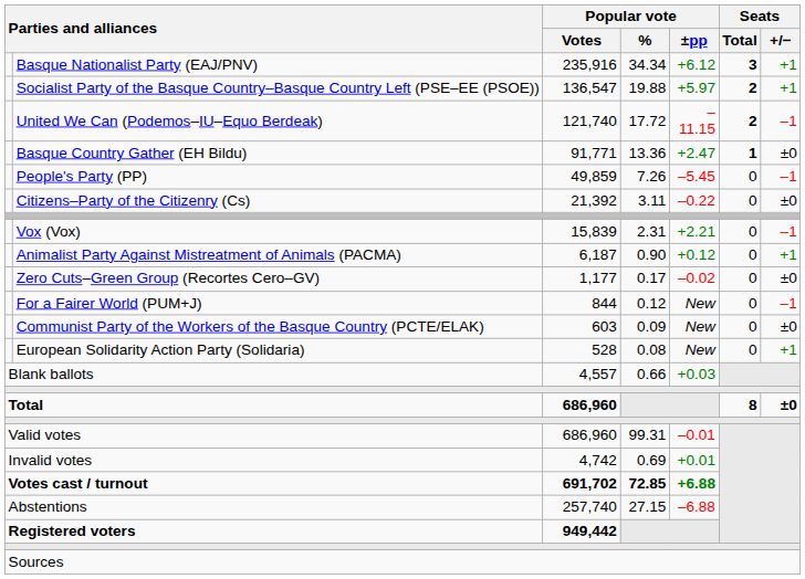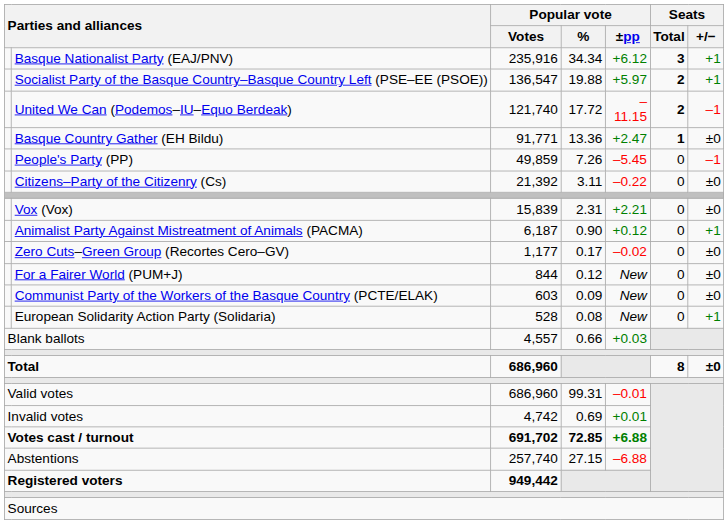 <table class="wikitable" style="text-align:right;">
 <tr>
 <th style="text-align:left;" rowspan="2" colspan="2" width="525">Parties and alliances</th>
 <th colspan="3">Popular vote</th>
 <th colspan="2">Seats</th>
 </tr>
 <tr>
 <th width="75">Votes</th>
 <th width="45">%</th>
 <th width="45">±<a href='#'>pp</a></th>
 <th width="35">Total</th>
 <th width="35">+/−</th>
 </tr>
 <tr>
 <td width="1" style="color:inherit;background:"></td>
 <td align="left"><a href='#'>Basque Nationalist Party</a> (EAJ/PNV)</td>
 <td>235,916</td>
 <td>34.34</td>
 <td style="color:green;">+6.12</td>
 <td><strong>3</strong></td>
 <td style="color:green;">+1</td>
 </tr>
 <tr>
 <td style="color:inherit;background:"></td>
 <td align="left"><a href='#'>Socialist Party of the Basque Country–Basque Country Left</a> (PSE–EE (PSOE))</td>
 <td>136,547</td>
 <td>19.88</td>
 <td style="color:green;">+5.97</td>
 <td><strong>2</strong></td>
 <td style="color:green;">+1</td>
 </tr>
 <tr>
 <td style="color:inherit;background:"></td>
 <td align="left"><a href='#'>United We Can</a> (<a href='#'>Podemos</a>–<a href='#'>IU</a>–<a href='#'>Equo Berdeak</a>)</td>
 <td>121,740</td>
 <td>17.72</td>
 <td style="color:red;">–11.15</td>
 <td><strong>2</strong></td>
 <td style="color:red;">–1</td>
 </tr>
 <tr>
 <td style="color:inherit;background:"></td>
 <td align="left"><a href='#'>Basque Country Gather</a> (EH Bildu)</td>
 <td>91,771</td>
 <td>13.36</td>
 <td style="color:green;">+2.47</td>
 <td><strong>1</strong></td>
 <td>±0</td>
 </tr>
 <tr>
 <td style="color:inherit;background:"></td>
 <td align="left"><a href='#'>People's Party</a> (PP)</td>
 <td>49,859</td>
 <td>7.26</td>
 <td style="color:red;">–5.45</td>
 <td>0</td>
 <td style="color:red;">–1</td>
 </tr>
 <tr>
 <td style="color:inherit;background:"></td>
 <td align="left"><a href='#'>Citizens–Party of the Citizenry</a> (Cs)</td>
 <td>21,392</td>
 <td>3.11</td>
 <td style="color:red;">–0.22</td>
 <td>0</td>
 <td>±0</td>
 </tr>
 <tr>
 <td colspan="7" bgcolor="#C0C0C0"></td>
 </tr>
 <tr>
 <td style="color:inherit;background:"></td>
 <td align="left"><a href='#'>Vox</a> (Vox)</td>
 <td>15,839</td>
 <td>2.31</td>
 <td style="color:green;">+2.21</td>
 <td>0</td>
-<td style="color:red;">–1</td>
+<td>±0</td>
 </tr>
 <tr>
 <td style="color:inherit;background:"></td>
 <td align="left"><a href='#'>Animalist Party Against Mistreatment of Animals</a> (PACMA)</td>
 <td>6,187</td>
 <td>0.90</td>
 <td style="color:green;">+0.12</td>
 <td>0</td>
 <td style="color:green;">+1</td>
 </tr>
 <tr>
 <td style="color:inherit;background:"></td>
 <td align="left"><a href='#'>Zero Cuts</a>–<a href='#'>Green Group</a> (Recortes Cero–GV)</td>
 <td>1,177</td>
 <td>0.17</td>
 <td style="color:red;">–0.02</td>
 <td>0</td>
 <td>±0</td>
 </tr>
 <tr>
 <td style="color:inherit;background:"></td>
 <td align="left"><a href='#'>For a Fairer World</a> (PUM+J)</td>
 <td>844</td>
 <td>0.12</td>
 <td><em>New</em></td>
 <td>0</td>
-<td style="color:red;">–1</td>
+<td>±0</td>
 </tr>
 <tr>
 <td style="color:inherit;background:"></td>
 <td align="left"><a href='#'>Communist Party of the Workers of the Basque Country</a> (PCTE/ELAK)</td>
 <td>603</td>
 <td>0.09</td>
 <td><em>New</em></td>
 <td>0</td>
 <td>±0</td>
 </tr>
 <tr>
 <td style="color:inherit;background:"></td>
 <td align="left">European Solidarity Action Party (Solidaria)</td>
 <td>528</td>
 <td>0.08</td>
 <td><em>New</em></td>
 <td>0</td>
 <td style="color:green;">+1</td>
 </tr>
 <tr>
 <td align="left" colspan="2">Blank ballots</td>
 <td>4,557</td>
 <td>0.66</td>
 <td style="color:green;">+0.03</td>
 <td bgcolor="#E9E9E9" colspan="2"></td>
 </tr>
 <tr>
 <td colspan="7" bgcolor="#E9E9E9"></td>
 </tr>
 <tr style="font-weight:bold;">
 <td align="left" colspan="2">Total</td>
 <td>686,960</td>
 <td bgcolor="#E9E9E9" colspan="2"></td>
 <td>8</td>
 <td>±0</td>
 </tr>
 <tr>
 <td colspan="7" bgcolor="#E9E9E9"></td>
 </tr>
 <tr>
 <td align="left" colspan="2">Valid votes</td>
 <td>686,960</td>
 <td>99.31</td>
 <td style="color:red;">–0.01</td>
 <td bgcolor="#E9E9E9" colspan="2" rowspan="5"></td>
 </tr>
 <tr>
 <td align="left" colspan="2">Invalid votes</td>
 <td>4,742</td>
 <td>0.69</td>
 <td style="color:green;">+0.01</td>
 </tr>
 <tr style="font-weight:bold;">
 <td align="left" colspan="2">Votes cast / turnout</td>
 <td>691,702</td>
 <td>72.85</td>
 <td style="color:green;">+6.88</td>
 </tr>
 <tr>
 <td align="left" colspan="2">Abstentions</td>
 <td>257,740</td>
 <td>27.15</td>
 <td style="color:red;">–6.88</td>
 </tr>
 <tr style="font-weight:bold;">
 <td align="left" colspan="2">Registered voters</td>
 <td>949,442</td>
 <td bgcolor="#E9E9E9" colspan="2"></td>
 </tr>
 <tr>
 <td colspan="7" bgcolor="#E9E9E9"></td>
 </tr>
 <tr>
 <td align="left" colspan="7">Sources</td>
 </tr>
 </table>
